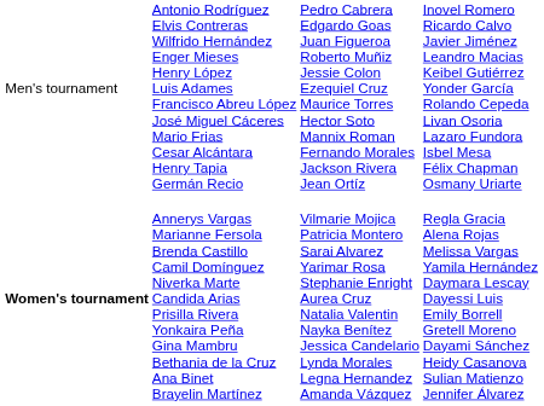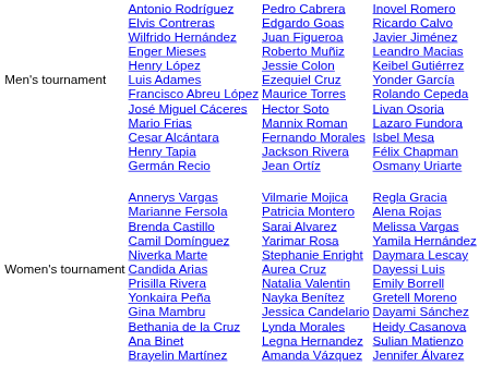 <table>
 <tr>
 <td>Men's tournament</td>
 <td><br><a href='#'>Antonio Rodríguez</a><br><a href='#'>Elvis Contreras</a><br><a href='#'>Wilfrido Hernández</a><br><a href='#'>Enger Mieses</a><br><a href='#'>Henry López</a><br><a href='#'>Luis Adames</a><br><a href='#'>Francisco Abreu López</a><br><a href='#'>José Miguel Cáceres</a><br><a href='#'>Mario Frias</a><br><a href='#'>Cesar Alcántara</a><br><a href='#'>Henry Tapia</a><br><a href='#'>Germán Recio</a></td>
 <td><br><a href='#'>Pedro Cabrera</a><br><a href='#'>Edgardo Goas</a><br><a href='#'>Juan Figueroa</a><br><a href='#'>Roberto Muñiz</a><br><a href='#'>Jessie Colon</a><br><a href='#'>Ezequiel Cruz</a><br><a href='#'>Maurice Torres</a><br><a href='#'>Hector Soto</a><br><a href='#'>Mannix Roman</a><br><a href='#'>Fernando Morales</a><br><a href='#'>Jackson Rivera</a><br><a href='#'>Jean Ortíz</a></td>
 <td><br><a href='#'>Inovel Romero</a><br><a href='#'>Ricardo Calvo</a><br><a href='#'>Javier Jiménez</a><br><a href='#'>Leandro Macias</a><br><a href='#'>Keibel Gutiérrez</a><br><a href='#'>Yonder García</a><br><a href='#'>Rolando Cepeda</a><br><a href='#'>Livan Osoria</a><br><a href='#'>Lazaro Fundora</a><br><a href='#'>Isbel Mesa</a><br><a href='#'>Félix Chapman</a><br><a href='#'>Osmany Uriarte</a></td>
 </tr>
 <tr>
-<td><strong>Women's tournament</strong></td>
+<td>Women's tournament</td>
 <td><br><a href='#'>Annerys Vargas</a><br><a href='#'>Marianne Fersola</a><br><a href='#'>Brenda Castillo</a><br><a href='#'>Camil Domínguez</a><br><a href='#'>Niverka Marte</a><br><a href='#'>Candida Arias</a><br><a href='#'>Prisilla Rivera</a><br><a href='#'>Yonkaira Peña</a><br><a href='#'>Gina Mambru</a><br><a href='#'>Bethania de la Cruz</a><br><a href='#'>Ana Binet</a><br><a href='#'>Brayelin Martínez</a></td>
 <td><br><a href='#'>Vilmarie Mojica</a><br><a href='#'>Patricia Montero</a><br><a href='#'>Sarai Alvarez</a><br><a href='#'>Yarimar Rosa</a><br><a href='#'>Stephanie Enright</a><br><a href='#'>Aurea Cruz</a><br><a href='#'>Natalia Valentin</a><br><a href='#'>Nayka Benítez</a><br><a href='#'>Jessica Candelario</a><br><a href='#'>Lynda Morales</a><br><a href='#'>Legna Hernandez</a><br><a href='#'>Amanda Vázquez</a></td>
 <td><br><a href='#'>Regla Gracia</a><br><a href='#'>Alena Rojas</a><br><a href='#'>Melissa Vargas</a><br><a href='#'>Yamila Hernández</a><br><a href='#'>Daymara Lescay</a><br><a href='#'>Dayessi Luis</a><br><a href='#'>Emily Borrell</a><br><a href='#'>Gretell Moreno</a><br><a href='#'>Dayami Sánchez</a><br><a href='#'>Heidy Casanova</a><br><a href='#'>Sulian Matienzo</a><br><a href='#'>Jennifer Álvarez</a></td>
 </tr>
 </table>
